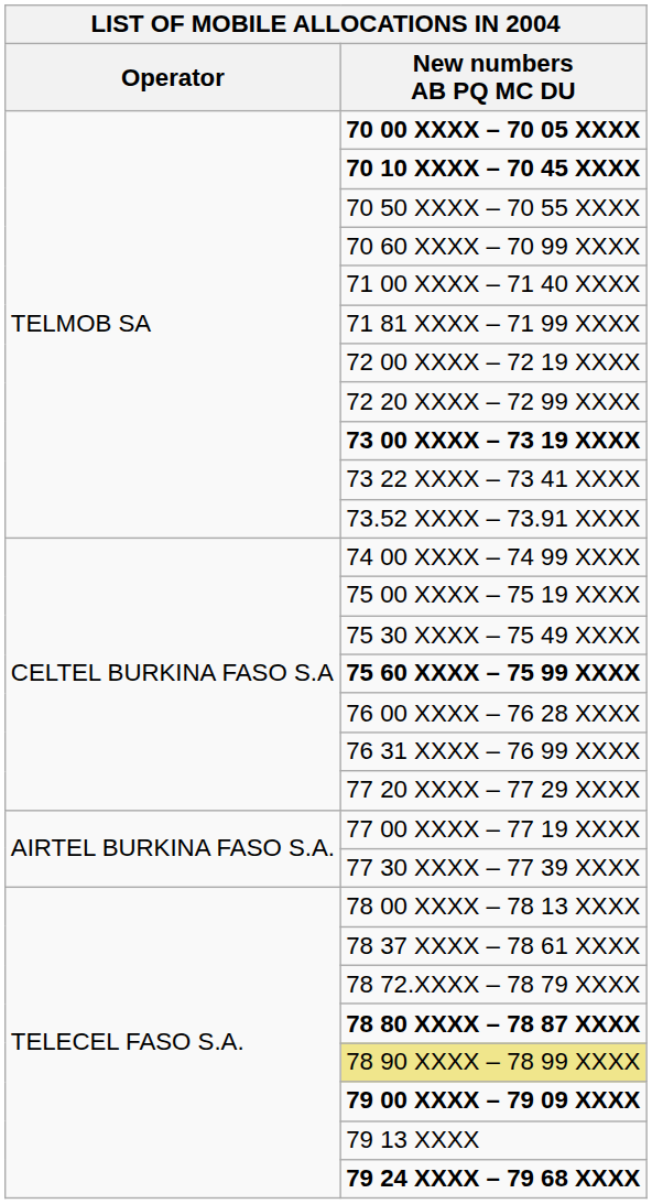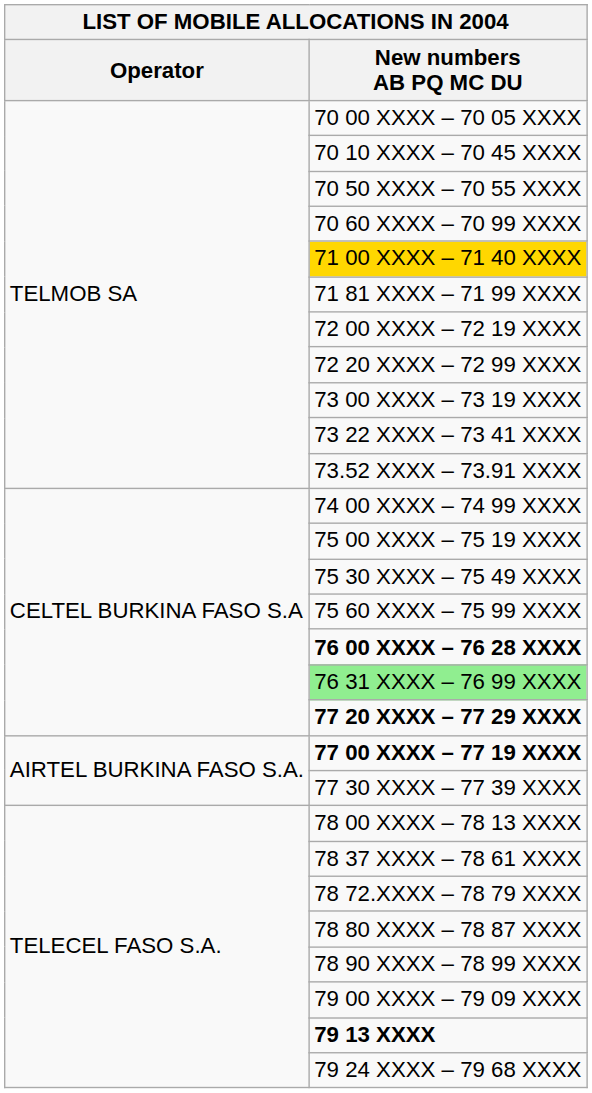 <table class="wikitable">
 <tr>
 <th colspan="2">LIST OF MOBILE ALLOCATIONS IN 2004</th>
 </tr>
 <tr>
 <th>Operator</th>
 <th>New numbers<br>AB PQ MC DU</th>
 </tr>
 <tr>
 <td rowspan="11">TELMOB SA</td>
-<td><strong>70 00 XXXX – 70 05 XXXX</strong></td>
+<td>70 00 XXXX – 70 05 XXXX</td>
 </tr>
 <tr>
-<td><strong>70 10 XXXX – 70 45 XXXX</strong></td>
+<td>70 10 XXXX – 70 45 XXXX</td>
 </tr>
 <tr>
 <td>70 50 XXXX – 70 55 XXXX</td>
 </tr>
 <tr>
 <td>70 60 XXXX – 70 99 XXXX</td>
 </tr>
 <tr>
-<td>71 00 XXXX – 71 40 XXXX</td>
+<td style="background: gold;">71 00 XXXX – 71 40 XXXX</td>
 </tr>
 <tr>
 <td>71 81 XXXX – 71 99 XXXX</td>
 </tr>
 <tr>
 <td>72 00 XXXX – 72 19 XXXX</td>
 </tr>
 <tr>
 <td>72 20 XXXX – 72 99 XXXX</td>
 </tr>
 <tr>
-<td><strong>73 00 XXXX – 73 19 XXXX</strong></td>
+<td>73 00 XXXX – 73 19 XXXX</td>
 </tr>
 <tr>
 <td>73 22 XXXX – 73 41 XXXX</td>
 </tr>
 <tr>
 <td>73.52 XXXX – 73.91 XXXX</td>
 </tr>
 <tr>
 <td rowspan="7">CELTEL BURKINA FASO S.A</td>
 <td>74 00 XXXX – 74 99 XXXX</td>
 </tr>
 <tr>
 <td>75 00 XXXX – 75 19 XXXX</td>
 </tr>
 <tr>
 <td>75 30 XXXX – 75 49 XXXX</td>
 </tr>
 <tr>
-<td><strong>75 60 XXXX – 75 99 XXXX</strong></td>
+<td>75 60 XXXX – 75 99 XXXX</td>
 </tr>
 <tr>
-<td>76 00 XXXX – 76 28 XXXX</td>
+<td><strong>76 00 XXXX – 76 28 XXXX</strong></td>
 </tr>
 <tr>
-<td>76 31 XXXX – 76 99 XXXX</td>
+<td style="background: lightgreen;">76 31 XXXX – 76 99 XXXX</td>
 </tr>
 <tr>
-<td>77 20 XXXX – 77 29 XXXX</td>
+<td><strong>77 20 XXXX – 77 29 XXXX</strong></td>
 </tr>
 <tr>
 <td rowspan="2">AIRTEL BURKINA FASO S.A.</td>
-<td>77 00 XXXX – 77 19 XXXX</td>
+<td><strong>77 00 XXXX – 77 19 XXXX</strong></td>
 </tr>
 <tr>
 <td>77 30 XXXX – 77 39 XXXX</td>
 </tr>
 <tr>
 <td rowspan="8">TELECEL FASO S.A.</td>
 <td>78 00 XXXX – 78 13 XXXX</td>
 </tr>
 <tr>
 <td>78 37 XXXX – 78 61 XXXX</td>
 </tr>
 <tr>
 <td>78 72.XXXX – 78 79 XXXX</td>
 </tr>
 <tr>
-<td><strong>78 80 XXXX – 78 87 XXXX</strong></td>
+<td>78 80 XXXX – 78 87 XXXX</td>
 </tr>
 <tr>
-<td style="background: khaki;">78 90 XXXX – 78 99 XXXX</td>
+<td>78 90 XXXX – 78 99 XXXX</td>
 </tr>
 <tr>
-<td><strong>79 00 XXXX – 79 09 XXXX</strong></td>
+<td>79 00 XXXX – 79 09 XXXX</td>
 </tr>
 <tr>
-<td>79 13 XXXX</td>
+<td><strong>79 13 XXXX</strong></td>
 </tr>
 <tr>
-<td><strong>79 24 XXXX – 79 68 XXXX</strong></td>
+<td>79 24 XXXX – 79 68 XXXX</td>
 </tr>
 </table>
